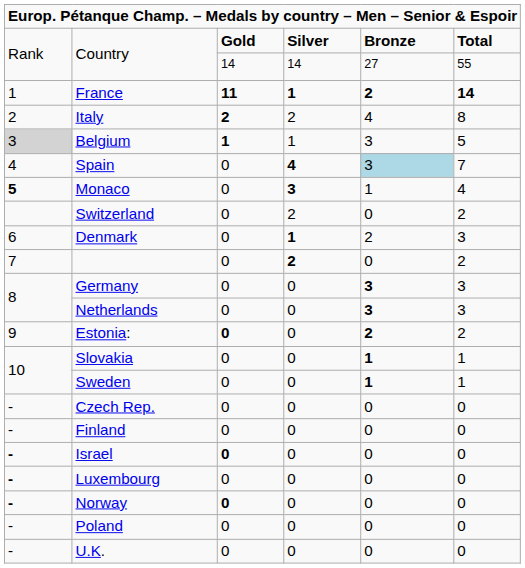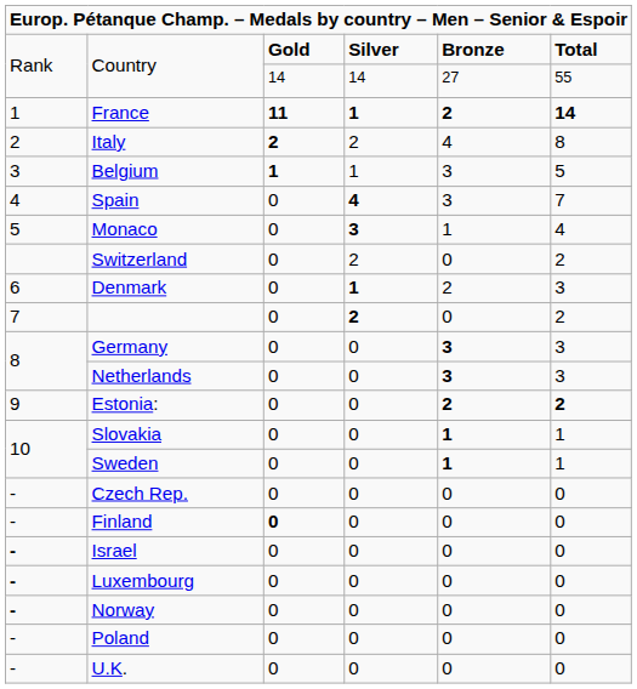 <table class="wikitable">
 <tr>
 <td colspan="6"><strong>Europ. Pétanque Champ. – Medals by country – Men – Senior & Espoir</strong></td>
 </tr>
 <tr>
 <td rowspan="2">Rank</td>
 <td rowspan="2">Country</td>
 <td><strong> Gold</strong></td>
 <td><strong> Silver</strong></td>
 <td><strong> Bronze</strong></td>
 <td><strong>Total</strong></td>
 </tr>
 <tr>
 <td><sup>14</sup></td>
 <td><sup>14</sup></td>
 <td><sup>27</sup></td>
 <td><sup>55</sup></td>
 </tr>
 <tr>
 <td>1</td>
 <td> <a href='#'>France</a></td>
 <td><strong>11</strong></td>
 <td><strong>1</strong></td>
 <td><strong>2</strong></td>
 <td><strong>14</strong></td>
 </tr>
 <tr>
 <td>2</td>
 <td> <a href='#'>Italy</a></td>
 <td><strong>2</strong></td>
 <td>2</td>
 <td>4</td>
 <td>8</td>
 </tr>
 <tr>
-<td style="background: lightgrey;">3</td>
+<td>3</td>
 <td> <a href='#'>Belgium</a></td>
 <td><strong>1</strong></td>
 <td>1</td>
 <td>3</td>
 <td>5</td>
 </tr>
 <tr>
 <td>4</td>
 <td> <a href='#'>Spain</a></td>
 <td>0</td>
 <td><strong>4</strong></td>
-<td style="background: lightblue;">3</td>
+<td>3</td>
 <td>7</td>
 </tr>
 <tr>
-<td><strong>5</strong></td>
+<td>5</td>
 <td> <a href='#'>Monaco</a></td>
 <td>0</td>
 <td><strong>3</strong></td>
 <td>1</td>
 <td>4</td>
 </tr>
 <tr>
 <td></td>
 <td> <a href='#'>Switzerland</a></td>
 <td>0</td>
 <td>2</td>
 <td>0</td>
 <td>2</td>
 </tr>
 <tr>
 <td>6</td>
 <td> <a href='#'>Denmark</a></td>
 <td>0</td>
 <td><strong>1</strong></td>
 <td>2</td>
 <td>3</td>
 </tr>
 <tr>
 <td>7</td>
 <td></td>
 <td>0</td>
 <td><strong>2</strong></td>
 <td>0</td>
 <td>2</td>
 </tr>
 <tr>
 <td rowspan="2">8</td>
 <td> <a href='#'>Germany</a></td>
 <td>0</td>
 <td>0</td>
 <td><strong>3</strong></td>
 <td>3</td>
 </tr>
 <tr>
 <td> <a href='#'>Netherlands</a></td>
 <td>0</td>
 <td>0</td>
 <td><strong>3</strong></td>
 <td>3</td>
 </tr>
 <tr>
 <td>9</td>
 <td> <a href='#'>Estonia</a>:</td>
-<td><strong>0</strong></td>
+<td>0</td>
 <td>0</td>
 <td><strong>2</strong></td>
-<td>2</td>
+<td><strong>2</strong></td>
 </tr>
 <tr>
 <td rowspan="2">10</td>
 <td> <a href='#'>Slovakia</a></td>
 <td>0</td>
 <td>0</td>
 <td><strong>1</strong></td>
 <td>1</td>
 </tr>
 <tr>
 <td> <a href='#'>Sweden</a></td>
 <td>0</td>
 <td>0</td>
 <td><strong>1</strong></td>
 <td>1</td>
 </tr>
 <tr>
 <td>-</td>
 <td> <a href='#'>Czech Rep.</a></td>
 <td>0</td>
 <td>0</td>
 <td>0</td>
 <td>0</td>
 </tr>
 <tr>
 <td>-</td>
 <td> <a href='#'>Finland</a></td>
-<td>0</td>
+<td><strong>0</strong></td>
 <td>0</td>
 <td>0</td>
 <td>0</td>
 </tr>
 <tr>
 <td><strong>-</strong></td>
 <td> <a href='#'>Israel</a></td>
-<td><strong>0</strong></td>
+<td>0</td>
 <td>0</td>
 <td>0</td>
 <td>0</td>
 </tr>
 <tr>
 <td><strong>-</strong></td>
 <td> <a href='#'>Luxembourg</a></td>
 <td>0</td>
 <td>0</td>
 <td>0</td>
 <td>0</td>
 </tr>
 <tr>
 <td><strong>-</strong></td>
 <td> <a href='#'>Norway</a></td>
-<td><strong>0</strong></td>
+<td>0</td>
 <td>0</td>
 <td>0</td>
 <td>0</td>
 </tr>
 <tr>
 <td>-</td>
 <td> <a href='#'>Poland</a></td>
 <td>0</td>
 <td>0</td>
 <td>0</td>
 <td>0</td>
 </tr>
 <tr>
 <td>-</td>
 <td> <a href='#'>U.K</a>.</td>
 <td>0</td>
 <td>0</td>
 <td>0</td>
 <td>0</td>
 </tr>
 </table>
